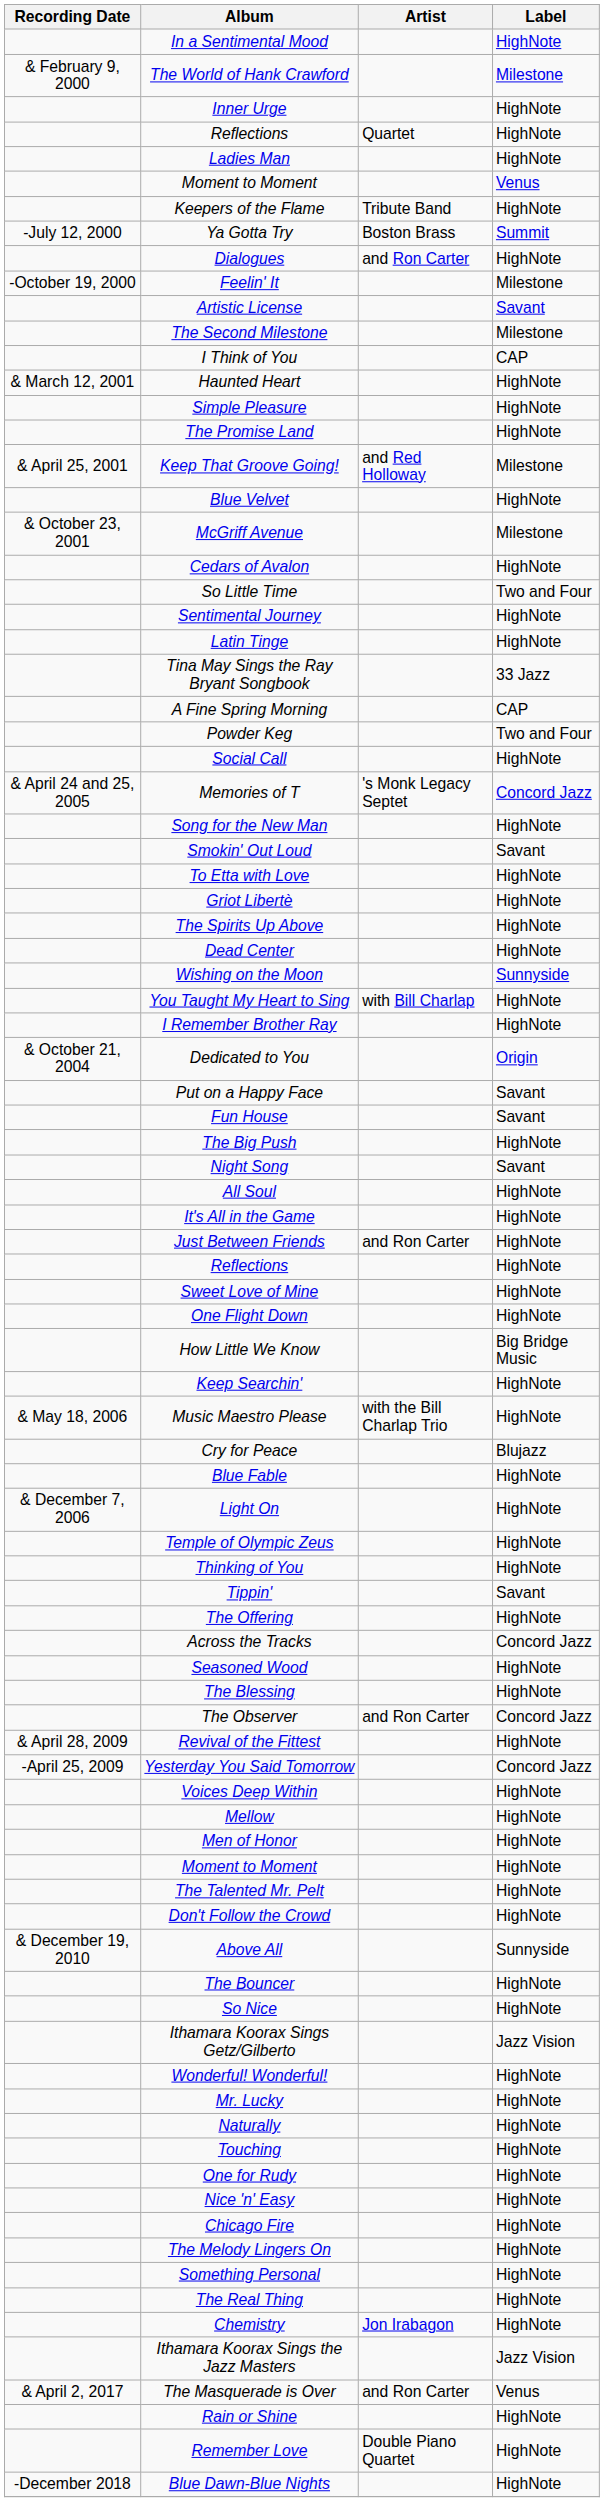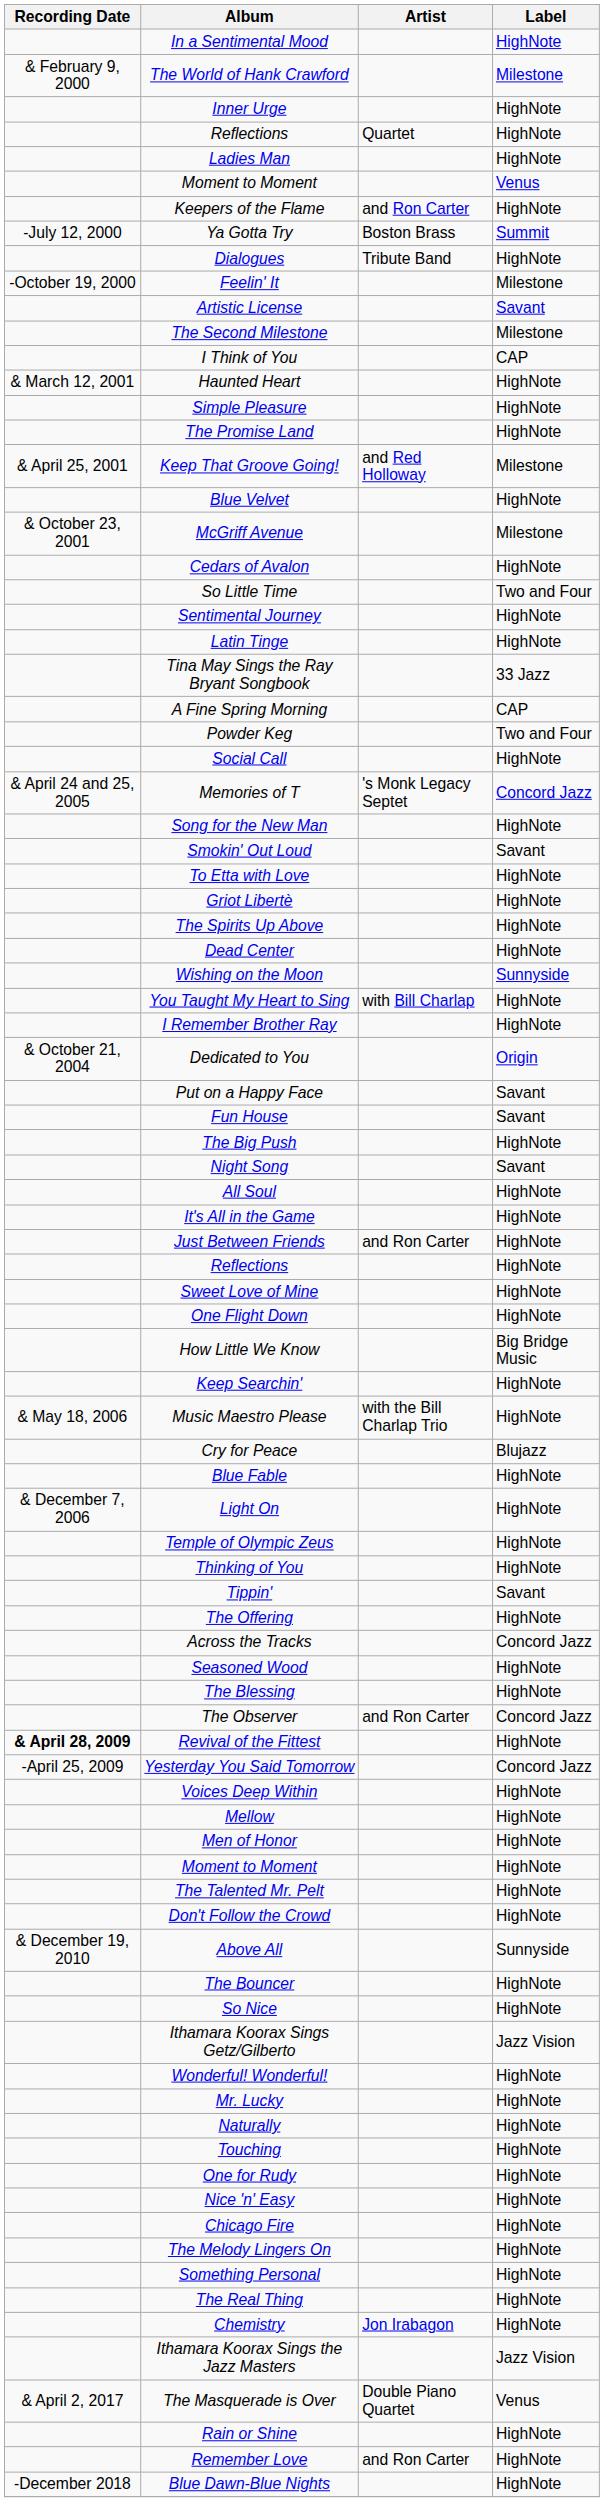 <table class="wikitable collapsible sortable">
 <tr>
 <th>Recording Date</th>
 <th>Album</th>
 <th>Artist</th>
 <th>Label</th>
 </tr>
 <tr>
 <td style="text-align: center;"></td>
 <td style="text-align: center;"><em><a href='#'>In a Sentimental Mood</a></em></td>
 <td></td>
 <td><a href='#'>HighNote</a></td>
 </tr>
 <tr>
 <td style="text-align: center;"> & February 9, 2000</td>
 <td style="text-align: center;"><em><a href='#'>The World of Hank Crawford</a></em></td>
 <td></td>
 <td><a href='#'>Milestone</a></td>
 </tr>
 <tr>
 <td style="text-align: center;"></td>
 <td style="text-align: center;"><em><a href='#'>Inner Urge</a></em></td>
 <td></td>
 <td>HighNote</td>
 </tr>
 <tr>
 <td style="text-align: center;"></td>
 <td style="text-align: center;"><em>Reflections</em></td>
 <td> Quartet</td>
 <td>HighNote</td>
 </tr>
 <tr>
 <td style="text-align: center;"></td>
 <td style="text-align: center;"><em><a href='#'>Ladies Man</a></em></td>
 <td></td>
 <td>HighNote</td>
 </tr>
 <tr>
 <td style="text-align: center;"></td>
 <td style="text-align: center;"><em>Moment to Moment</em></td>
 <td></td>
 <td><a href='#'>Venus</a></td>
 </tr>
 <tr>
 <td style="text-align: center;"></td>
 <td style="text-align: center;"><em>Keepers of the Flame</em></td>
-<td> Tribute Band</td>
+<td> and <a href='#'>Ron Carter</a></td>
 <td>HighNote</td>
 </tr>
 <tr>
 <td style="text-align: center;">-July 12, 2000</td>
 <td style="text-align: center;"><em>Ya Gotta Try</em></td>
 <td>Boston Brass</td>
 <td><a href='#'>Summit</a></td>
 </tr>
 <tr>
 <td style="text-align: center;"></td>
 <td style="text-align: center;"><em><a href='#'>Dialogues</a></em></td>
-<td> and <a href='#'>Ron Carter</a></td>
+<td> Tribute Band</td>
 <td>HighNote</td>
 </tr>
 <tr>
 <td style="text-align: center;">-October 19, 2000</td>
 <td style="text-align: center;"><em><a href='#'>Feelin' It</a></em></td>
 <td></td>
 <td>Milestone</td>
 </tr>
 <tr>
 <td style="text-align: center;"></td>
 <td style="text-align: center;"><em><a href='#'>Artistic License</a></em></td>
 <td></td>
 <td><a href='#'>Savant</a></td>
 </tr>
 <tr>
 <td style="text-align: center;"></td>
 <td style="text-align: center;"><em><a href='#'>The Second Milestone</a></em></td>
 <td></td>
 <td>Milestone</td>
 </tr>
 <tr>
 <td style="text-align: center;"></td>
 <td style="text-align: center;"><em>I Think of You</em></td>
 <td></td>
 <td>CAP</td>
 </tr>
 <tr>
 <td style="text-align: center;"> & March 12, 2001</td>
 <td style="text-align: center;"><em>Haunted Heart</em></td>
 <td></td>
 <td>HighNote</td>
 </tr>
 <tr>
 <td style="text-align: center;"></td>
 <td style="text-align: center;"><em><a href='#'>Simple Pleasure</a></em></td>
 <td></td>
 <td>HighNote</td>
 </tr>
 <tr>
 <td style="text-align: center;"></td>
 <td style="text-align: center;"><em><a href='#'>The Promise Land</a></em></td>
 <td></td>
 <td>HighNote</td>
 </tr>
 <tr>
 <td style="text-align: center;"> & April 25, 2001</td>
 <td style="text-align: center;"><em><a href='#'>Keep That Groove Going!</a></em></td>
 <td> and <a href='#'>Red Holloway</a></td>
 <td>Milestone</td>
 </tr>
 <tr>
 <td style="text-align: center;"></td>
 <td style="text-align: center;"><em><a href='#'>Blue Velvet</a></em></td>
 <td></td>
 <td>HighNote</td>
 </tr>
 <tr>
 <td style="text-align: center;"> & October 23, 2001</td>
 <td style="text-align: center;"><em><a href='#'>McGriff Avenue</a></em></td>
 <td></td>
 <td>Milestone</td>
 </tr>
 <tr>
 <td style="text-align: center;"></td>
 <td style="text-align: center;"><em><a href='#'>Cedars of Avalon</a></em></td>
 <td></td>
 <td>HighNote</td>
 </tr>
 <tr>
 <td style="text-align: center;"></td>
 <td style="text-align: center;"><em>So Little Time</em></td>
 <td></td>
 <td>Two and Four</td>
 </tr>
 <tr>
 <td style="text-align: center;"></td>
 <td style="text-align: center;"><em><a href='#'>Sentimental Journey</a></em></td>
 <td></td>
 <td>HighNote</td>
 </tr>
 <tr>
 <td style="text-align: center;"></td>
 <td style="text-align: center;"><em><a href='#'>Latin Tinge</a></em></td>
 <td></td>
 <td>HighNote</td>
 </tr>
 <tr>
 <td style="text-align: center;"></td>
 <td style="text-align: center;"><em>Tina May Sings the Ray Bryant Songbook</em></td>
 <td></td>
 <td>33 Jazz</td>
 </tr>
 <tr>
 <td style="text-align: center;"></td>
 <td style="text-align: center;"><em>A Fine Spring Morning</em></td>
 <td></td>
 <td>CAP</td>
 </tr>
 <tr>
 <td style="text-align: center;"></td>
 <td style="text-align: center;"><em>Powder Keg</em></td>
 <td></td>
 <td>Two and Four</td>
 </tr>
 <tr>
 <td style="text-align: center;"></td>
 <td style="text-align: center;"><em><a href='#'>Social Call</a></em></td>
 <td></td>
 <td>HighNote</td>
 </tr>
 <tr>
 <td style="text-align: center;"> & April 24 and 25, 2005</td>
 <td style="text-align: center;"><em>Memories of T</em></td>
 <td>'s Monk Legacy Septet</td>
 <td><a href='#'>Concord Jazz</a></td>
 </tr>
 <tr>
 <td style="text-align: center;"></td>
 <td style="text-align: center;"><em><a href='#'>Song for the New Man</a></em></td>
 <td></td>
 <td>HighNote</td>
 </tr>
 <tr>
 <td style="text-align: center;"></td>
 <td style="text-align: center;"><em><a href='#'>Smokin' Out Loud</a></em></td>
 <td></td>
 <td>Savant</td>
 </tr>
 <tr>
 <td style="text-align: center;"></td>
 <td style="text-align: center;"><em><a href='#'>To Etta with Love</a></em></td>
 <td></td>
 <td>HighNote</td>
 </tr>
 <tr>
 <td style="text-align: center;"></td>
 <td style="text-align: center;"><em><a href='#'>Griot Libertè</a></em></td>
 <td></td>
 <td>HighNote</td>
 </tr>
 <tr>
 <td style="text-align: center;"></td>
 <td style="text-align: center;"><em><a href='#'>The Spirits Up Above</a></em></td>
 <td></td>
 <td>HighNote</td>
 </tr>
 <tr>
 <td style="text-align: center;"></td>
 <td style="text-align: center;"><em><a href='#'>Dead Center</a></em></td>
 <td></td>
 <td>HighNote</td>
 </tr>
 <tr>
 <td style="text-align: center;"></td>
 <td style="text-align: center;"><em><a href='#'>Wishing on the Moon</a></em></td>
 <td></td>
 <td><a href='#'>Sunnyside</a></td>
 </tr>
 <tr>
 <td style="text-align: center;"></td>
 <td style="text-align: center;"><em><a href='#'>You Taught My Heart to Sing</a></em></td>
 <td> with <a href='#'>Bill Charlap</a></td>
 <td>HighNote</td>
 </tr>
 <tr>
 <td style="text-align: center;"></td>
 <td style="text-align: center;"><em><a href='#'>I Remember Brother Ray</a></em></td>
 <td></td>
 <td>HighNote</td>
 </tr>
 <tr>
 <td style="text-align: center;"> &  October 21, 2004</td>
 <td style="text-align: center;"><em>Dedicated to You</em></td>
 <td></td>
 <td><a href='#'>Origin</a></td>
 </tr>
 <tr>
 <td style="text-align: center;"></td>
 <td style="text-align: center;"><em>Put on a Happy Face</em></td>
 <td></td>
 <td>Savant</td>
 </tr>
 <tr>
 <td style="text-align: center;"></td>
 <td style="text-align: center;"><em><a href='#'>Fun House</a></em></td>
 <td></td>
 <td>Savant</td>
 </tr>
 <tr>
 <td style="text-align: center;"></td>
 <td style="text-align: center;"><em><a href='#'>The Big Push</a></em></td>
 <td></td>
 <td>HighNote</td>
 </tr>
 <tr>
 <td style="text-align: center;"></td>
 <td style="text-align: center;"><em><a href='#'>Night Song</a></em></td>
 <td></td>
 <td>Savant</td>
 </tr>
 <tr>
 <td style="text-align: center;"></td>
 <td style="text-align: center;"><em><a href='#'>All Soul</a></em></td>
 <td></td>
 <td>HighNote</td>
 </tr>
 <tr>
 <td style="text-align: center;"></td>
 <td style="text-align: center;"><em><a href='#'>It's All in the Game</a></em></td>
 <td></td>
 <td>HighNote</td>
 </tr>
 <tr>
 <td style="text-align: center;"></td>
 <td style="text-align: center;"><em><a href='#'>Just Between Friends</a></em></td>
 <td> and Ron Carter</td>
 <td>HighNote</td>
 </tr>
 <tr>
 <td style="text-align: center;"></td>
 <td style="text-align: center;"><em><a href='#'>Reflections</a></em></td>
 <td></td>
 <td>HighNote</td>
 </tr>
 <tr>
 <td style="text-align: center;"></td>
 <td style="text-align: center;"><em><a href='#'>Sweet Love of Mine</a></em></td>
 <td></td>
 <td>HighNote</td>
 </tr>
 <tr>
 <td style="text-align: center;"></td>
 <td style="text-align: center;"><em><a href='#'>One Flight Down</a></em></td>
 <td></td>
 <td>HighNote</td>
 </tr>
 <tr>
 <td style="text-align: center;"></td>
 <td style="text-align: center;"><em>How Little We Know</em></td>
 <td></td>
 <td>Big Bridge Music</td>
 </tr>
 <tr>
 <td style="text-align: center;"></td>
 <td style="text-align: center;"><em><a href='#'>Keep Searchin'</a></em></td>
 <td></td>
 <td>HighNote</td>
 </tr>
 <tr>
 <td style="text-align: center;"> & May 18, 2006</td>
 <td style="text-align: center;"><em>Music Maestro Please</em></td>
 <td> with the Bill Charlap Trio</td>
 <td>HighNote</td>
 </tr>
 <tr>
 <td style="text-align: center;"></td>
 <td style="text-align: center;"><em>Cry for Peace</em></td>
 <td></td>
 <td>Blujazz</td>
 </tr>
 <tr>
 <td style="text-align: center;"></td>
 <td style="text-align: center;"><em><a href='#'>Blue Fable</a></em></td>
 <td></td>
 <td>HighNote</td>
 </tr>
 <tr>
 <td style="text-align: center;"> & December 7, 2006</td>
 <td style="text-align: center;"><em><a href='#'>Light On</a></em></td>
 <td></td>
 <td>HighNote</td>
 </tr>
 <tr>
 <td style="text-align: center;"></td>
 <td style="text-align: center;"><em><a href='#'>Temple of Olympic Zeus</a></em></td>
 <td></td>
 <td>HighNote</td>
 </tr>
 <tr>
 <td style="text-align: center;"></td>
 <td style="text-align: center;"><em><a href='#'>Thinking of You</a></em></td>
 <td></td>
 <td>HighNote</td>
 </tr>
 <tr>
 <td style="text-align: center;"></td>
 <td style="text-align: center;"><em><a href='#'>Tippin'</a></em></td>
 <td></td>
 <td>Savant</td>
 </tr>
 <tr>
 <td style="text-align: center;"></td>
 <td style="text-align: center;"><em><a href='#'>The Offering</a></em></td>
 <td></td>
 <td>HighNote</td>
 </tr>
 <tr>
 <td style="text-align: center;"></td>
 <td style="text-align: center;"><em>Across the Tracks</em></td>
 <td></td>
 <td>Concord Jazz</td>
 </tr>
 <tr>
 <td style="text-align: center;"></td>
 <td style="text-align: center;"><em><a href='#'>Seasoned Wood</a></em></td>
 <td></td>
 <td>HighNote</td>
 </tr>
 <tr>
 <td style="text-align: center;"></td>
 <td style="text-align: center;"><em><a href='#'>The Blessing</a></em></td>
 <td></td>
 <td>HighNote</td>
 </tr>
 <tr>
 <td style="text-align: center;"></td>
 <td style="text-align: center;"><em>The Observer</em></td>
 <td> and Ron Carter</td>
 <td>Concord Jazz</td>
 </tr>
 <tr>
-<td style="text-align: center;"> & April 28, 2009</td>
+<td style="text-align: center;"><strong> & April 28, 2009</strong></td>
 <td style="text-align: center;"><em><a href='#'>Revival of the Fittest</a></em></td>
 <td></td>
 <td>HighNote</td>
 </tr>
 <tr>
 <td style="text-align: center;">-April 25, 2009</td>
 <td style="text-align: center;"><em><a href='#'>Yesterday You Said Tomorrow</a></em></td>
 <td></td>
 <td>Concord Jazz</td>
 </tr>
 <tr>
 <td style="text-align: center;"></td>
 <td style="text-align: center;"><em><a href='#'>Voices Deep Within</a></em></td>
 <td></td>
 <td>HighNote</td>
 </tr>
 <tr>
 <td style="text-align: center;"></td>
 <td style="text-align: center;"><em><a href='#'>Mellow</a></em></td>
 <td></td>
 <td>HighNote</td>
 </tr>
 <tr>
 <td style="text-align: center;"></td>
 <td style="text-align: center;"><em><a href='#'>Men of Honor</a></em></td>
 <td></td>
 <td>HighNote</td>
 </tr>
 <tr>
 <td style="text-align: center;"></td>
 <td style="text-align: center;"><em><a href='#'>Moment to Moment</a></em></td>
 <td></td>
 <td>HighNote</td>
 </tr>
 <tr>
 <td style="text-align: center;"></td>
 <td style="text-align: center;"><em><a href='#'>The Talented Mr. Pelt</a></em></td>
 <td></td>
 <td>HighNote</td>
 </tr>
 <tr>
 <td style="text-align: center;"></td>
 <td style="text-align: center;"><em><a href='#'>Don't Follow the Crowd</a></em></td>
 <td></td>
 <td>HighNote</td>
 </tr>
 <tr>
 <td style="text-align: center;"> & December 19, 2010</td>
 <td style="text-align: center;"><em><a href='#'>Above All</a></em></td>
 <td></td>
 <td>Sunnyside</td>
 </tr>
 <tr>
 <td style="text-align: center;"></td>
 <td style="text-align: center;"><em><a href='#'>The Bouncer</a></em></td>
 <td></td>
 <td>HighNote</td>
 </tr>
 <tr>
 <td style="text-align: center;"></td>
 <td style="text-align: center;"><em><a href='#'>So Nice</a></em></td>
 <td></td>
 <td>HighNote</td>
 </tr>
 <tr>
 <td style="text-align: center;"></td>
 <td style="text-align: center;"><em>Ithamara Koorax Sings Getz/Gilberto</em></td>
 <td></td>
 <td>Jazz Vision</td>
 </tr>
 <tr>
 <td style="text-align: center;"></td>
 <td style="text-align: center;"><em><a href='#'>Wonderful! Wonderful!</a></em></td>
 <td></td>
 <td>HighNote</td>
 </tr>
 <tr>
 <td style="text-align: center;"></td>
 <td style="text-align: center;"><em><a href='#'>Mr. Lucky</a></em></td>
 <td></td>
 <td>HighNote</td>
 </tr>
 <tr>
 <td style="text-align: center;"></td>
 <td style="text-align: center;"><em><a href='#'>Naturally</a></em></td>
 <td></td>
 <td>HighNote</td>
 </tr>
 <tr>
 <td style="text-align: center;"></td>
 <td style="text-align: center;"><em><a href='#'>Touching</a></em></td>
 <td></td>
 <td>HighNote</td>
 </tr>
 <tr>
 <td style="text-align: center;"></td>
 <td style="text-align: center;"><em><a href='#'>One for Rudy</a></em></td>
 <td></td>
 <td>HighNote</td>
 </tr>
 <tr>
 <td style="text-align: center;"></td>
 <td style="text-align: center;"><em><a href='#'>Nice 'n' Easy</a></em></td>
 <td></td>
 <td>HighNote</td>
 </tr>
 <tr>
 <td style="text-align: center;"></td>
 <td style="text-align: center;"><em><a href='#'>Chicago Fire</a></em></td>
 <td></td>
 <td>HighNote</td>
 </tr>
 <tr>
 <td style="text-align: center;"></td>
 <td style="text-align: center;"><em><a href='#'>The Melody Lingers On</a></em></td>
 <td></td>
 <td>HighNote</td>
 </tr>
 <tr>
 <td style="text-align: center;"></td>
 <td style="text-align: center;"><em><a href='#'>Something Personal</a></em></td>
 <td></td>
 <td>HighNote</td>
 </tr>
 <tr>
 <td style="text-align: center;"></td>
 <td style="text-align: center;"><em><a href='#'>The Real Thing</a></em></td>
 <td></td>
 <td>HighNote</td>
 </tr>
 <tr>
 <td style="text-align: center;"></td>
 <td style="text-align: center;"><em><a href='#'>Chemistry</a></em></td>
 <td><a href='#'>Jon Irabagon</a></td>
 <td>HighNote</td>
 </tr>
 <tr>
 <td style="text-align: center;"></td>
 <td style="text-align: center;"><em>Ithamara Koorax Sings the Jazz Masters</em></td>
 <td></td>
 <td>Jazz Vision</td>
 </tr>
 <tr>
 <td style="text-align: center;"> & April 2, 2017</td>
 <td style="text-align: center;"><em>The Masquerade is Over</em></td>
-<td> and Ron Carter</td>
+<td> Double Piano Quartet</td>
 <td>Venus</td>
 </tr>
 <tr>
 <td style="text-align: center;"></td>
 <td style="text-align: center;"><em><a href='#'>Rain or Shine</a></em></td>
 <td></td>
 <td>HighNote</td>
 </tr>
 <tr>
 <td style="text-align: center;"></td>
 <td style="text-align: center;"><em><a href='#'>Remember Love</a></em></td>
-<td> Double Piano Quartet</td>
+<td> and Ron Carter</td>
 <td>HighNote</td>
 </tr>
 <tr>
 <td style="text-align: center;">-December 2018</td>
 <td style="text-align: center;"><em><a href='#'>Blue Dawn-Blue Nights</a></em></td>
 <td></td>
 <td>HighNote</td>
 </tr>
 <tr>
 </tr>
 </table>
